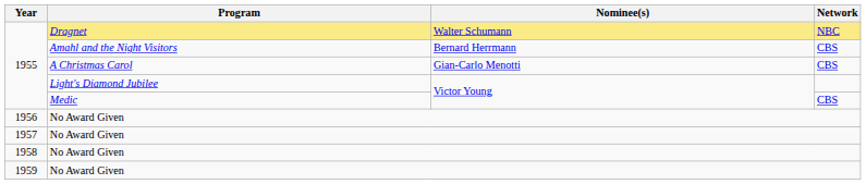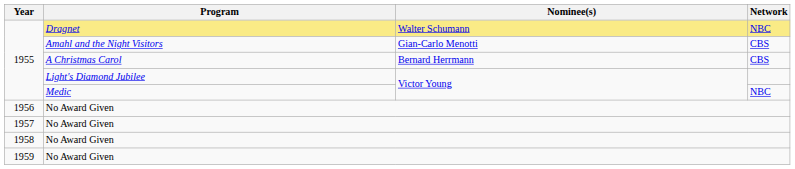 <table class="wikitable">
 <tr>
 <th width="5%">Year</th>
 <th width="45%">Program</th>
 <th width="45%">Nominee(s)</th>
 <th width="5%">Network</th>
 </tr>
 <tr>
 <td rowspan="5" style="text-align:center;">1955</td>
 <td style="background:#FAEB86;"><em><a href='#'>Dragnet</a></em></td>
 <td style="background:#FAEB86;"><a href='#'>Walter Schumann</a></td>
 <td style="background:#FAEB86;"><a href='#'>NBC</a></td>
 </tr>
 <tr>
 <td><em><a href='#'>Amahl and the Night Visitors</a></em></td>
-<td><a href='#'>Bernard Herrmann</a></td>
+<td><a href='#'>Gian-Carlo Menotti</a></td>
 <td><a href='#'>CBS</a></td>
 </tr>
 <tr>
 <td><em><a href='#'>A Christmas Carol</a></em></td>
-<td><a href='#'>Gian-Carlo Menotti</a></td>
+<td><a href='#'>Bernard Herrmann</a></td>
 <td><a href='#'>CBS</a></td>
 </tr>
 <tr>
 <td><em><a href='#'>Light's Diamond Jubilee</a></em></td>
 <td rowspan=2><a href='#'>Victor Young</a></td>
 <td></td>
 </tr>
 <tr>
 <td><em><a href='#'>Medic</a></em></td>
-<td><a href='#'>CBS</a></td>
+<td><a href='#'>NBC</a></td>
 </tr>
 <tr>
 <td rowspan="1" style="text-align:center;">1956</td>
 <td colspan="3">No Award Given</td>
 </tr>
 <tr>
 <td rowspan="1" style="text-align:center;">1957</td>
 <td colspan="3">No Award Given</td>
 </tr>
 <tr>
 <td rowspan="1" style="text-align:center;">1958</td>
 <td colspan="3">No Award Given</td>
 </tr>
 <tr>
 <td rowspan="1" style="text-align:center;">1959</td>
 <td colspan="3">No Award Given</td>
 </tr>
 </table>
